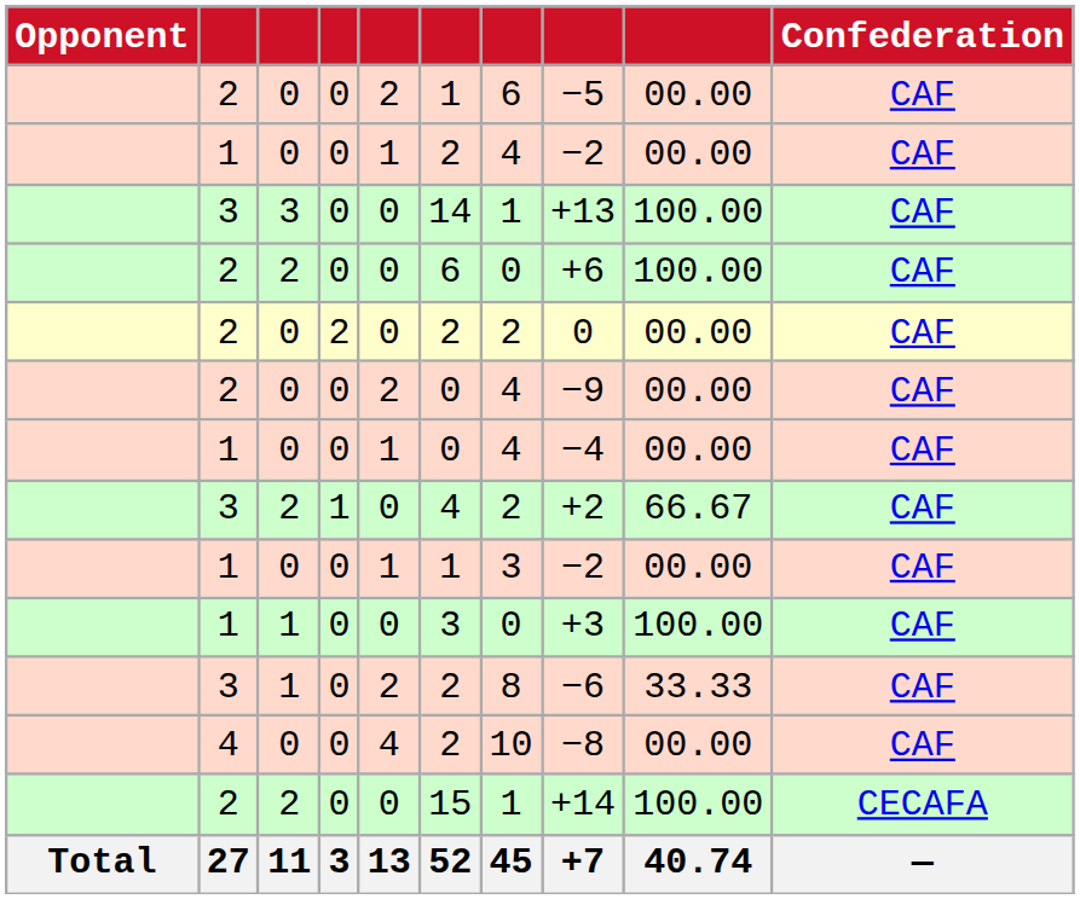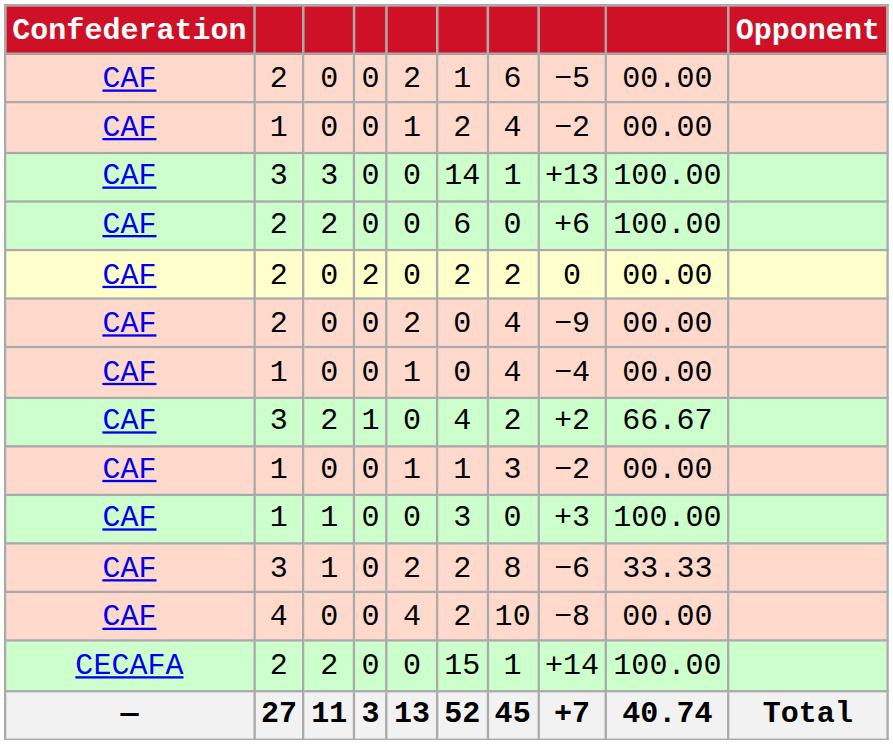 <table class="wikitable sortable" style="text-align:center;">
 <tr style="color:#ffffff">
-<th style="background-color:#CE1126;">Opponent</th>
+<th style="background-color:#CE1126;color:#ffffff">Confederation</th>
 <th style="background-color:#CE1126;"></th>
 <th style="background-color:#CE1126;"></th>
 <th style="background-color:#CE1126;"></th>
 <th style="background-color:#CE1126;"></th>
 <th style="background-color:#CE1126;"></th>
 <th style="background-color:#CE1126;"></th>
 <th style="background-color:#CE1126;"></th>
 <th style="background-color:#CE1126;"></th>
-<th style="background-color:#CE1126;color:#ffffff">Confederation</th>
+<th style="background-color:#CE1126;">Opponent</th>
 </tr>
 <tr bgcolor=FFDACC>
-<td style="text-align:left;"></td>
+<td><a href='#'>CAF</a></td>
 <td>2</td>
 <td>0</td>
 <td>0</td>
 <td>2</td>
 <td>1</td>
 <td>6</td>
 <td>−5</td>
 <td>00.00</td>
-<td><a href='#'>CAF</a></td>
+<td style="text-align:left;"></td>
 </tr>
 <tr bgcolor=FFDACC>
-<td style="text-align:left;"></td>
+<td><a href='#'>CAF</a></td>
 <td>1</td>
 <td>0</td>
 <td>0</td>
 <td>1</td>
 <td>2</td>
 <td>4</td>
 <td>−2</td>
 <td>00.00</td>
-<td><a href='#'>CAF</a></td>
+<td style="text-align:left;"></td>
 </tr>
 <tr bgcolor=CCFFCC>
-<td style="text-align:left;"></td>
+<td><a href='#'>CAF</a></td>
 <td>3</td>
 <td>3</td>
 <td>0</td>
 <td>0</td>
 <td>14</td>
 <td>1</td>
 <td>+13</td>
 <td>100.00</td>
-<td><a href='#'>CAF</a></td>
+<td style="text-align:left;"></td>
 </tr>
 <tr bgcolor=CCFFCC>
-<td style="text-align:left;"></td>
+<td><a href='#'>CAF</a></td>
 <td>2</td>
 <td>2</td>
 <td>0</td>
 <td>0</td>
 <td>6</td>
 <td>0</td>
 <td>+6</td>
 <td>100.00</td>
-<td><a href='#'>CAF</a></td>
+<td style="text-align:left;"></td>
 </tr>
 <tr bgcolor=FFFFCC>
-<td style="text-align:left;"></td>
+<td><a href='#'>CAF</a></td>
 <td>2</td>
 <td>0</td>
 <td>2</td>
 <td>0</td>
 <td>2</td>
 <td>2</td>
 <td>0</td>
 <td>00.00</td>
-<td><a href='#'>CAF</a></td>
+<td style="text-align:left;"></td>
 </tr>
 <tr bgcolor=FFDACC>
-<td style="text-align:left;"></td>
+<td><a href='#'>CAF</a></td>
 <td>2</td>
 <td>0</td>
 <td>0</td>
 <td>2</td>
 <td>0</td>
 <td>4</td>
 <td>−9</td>
 <td>00.00</td>
-<td><a href='#'>CAF</a></td>
+<td style="text-align:left;"></td>
 </tr>
 <tr bgcolor=FFDACC>
-<td style="text-align:left;"></td>
+<td><a href='#'>CAF</a></td>
 <td>1</td>
 <td>0</td>
 <td>0</td>
 <td>1</td>
 <td>0</td>
 <td>4</td>
 <td>−4</td>
 <td>00.00</td>
-<td><a href='#'>CAF</a></td>
+<td style="text-align:left;"></td>
 </tr>
 <tr bgcolor=CCFFCC>
-<td style="text-align:left;"></td>
+<td><a href='#'>CAF</a></td>
 <td>3</td>
 <td>2</td>
 <td>1</td>
 <td>0</td>
 <td>4</td>
 <td>2</td>
 <td>+2</td>
 <td>66.67</td>
-<td><a href='#'>CAF</a></td>
+<td style="text-align:left;"></td>
 </tr>
 <tr bgcolor=FFDACC>
-<td style="text-align:left;"></td>
+<td><a href='#'>CAF</a></td>
 <td>1</td>
 <td>0</td>
 <td>0</td>
 <td>1</td>
 <td>1</td>
 <td>3</td>
 <td>−2</td>
 <td>00.00</td>
-<td><a href='#'>CAF</a></td>
+<td style="text-align:left;"></td>
 </tr>
 <tr bgcolor=CCFFCC>
-<td style="text-align:left;"></td>
+<td><a href='#'>CAF</a></td>
 <td>1</td>
 <td>1</td>
 <td>0</td>
 <td>0</td>
 <td>3</td>
 <td>0</td>
 <td>+3</td>
 <td>100.00</td>
-<td><a href='#'>CAF</a></td>
+<td style="text-align:left;"></td>
 </tr>
 <tr bgcolor=FFDACC>
-<td style="text-align:left;"></td>
+<td><a href='#'>CAF</a></td>
 <td>3</td>
 <td>1</td>
 <td>0</td>
 <td>2</td>
 <td>2</td>
 <td>8</td>
 <td>−6</td>
 <td>33.33</td>
-<td><a href='#'>CAF</a></td>
+<td style="text-align:left;"></td>
 </tr>
 <tr bgcolor=FFDACC>
-<td style="text-align:left;"></td>
+<td><a href='#'>CAF</a></td>
 <td>4</td>
 <td>0</td>
 <td>0</td>
 <td>4</td>
 <td>2</td>
 <td>10</td>
 <td>−8</td>
 <td>00.00</td>
-<td><a href='#'>CAF</a></td>
+<td style="text-align:left;"></td>
 </tr>
 <tr bgcolor=CCFFCC>
-<td style="text-align:left;"></td>
+<td><a href='#'>CECAFA</a></td>
 <td>2</td>
 <td>2</td>
 <td>0</td>
 <td>0</td>
 <td>15</td>
 <td>1</td>
 <td>+14</td>
 <td>100.00</td>
-<td><a href='#'>CECAFA</a></td>
+<td style="text-align:left;"></td>
 </tr>
 <tr>
-<th>Total</th>
+<th>—</th>
 <th>27</th>
 <th>11</th>
 <th>3</th>
 <th>13</th>
 <th>52</th>
 <th>45</th>
 <th>+7</th>
 <th>40.74</th>
-<th>—</th>
+<th>Total</th>
 </tr>
 </table>
